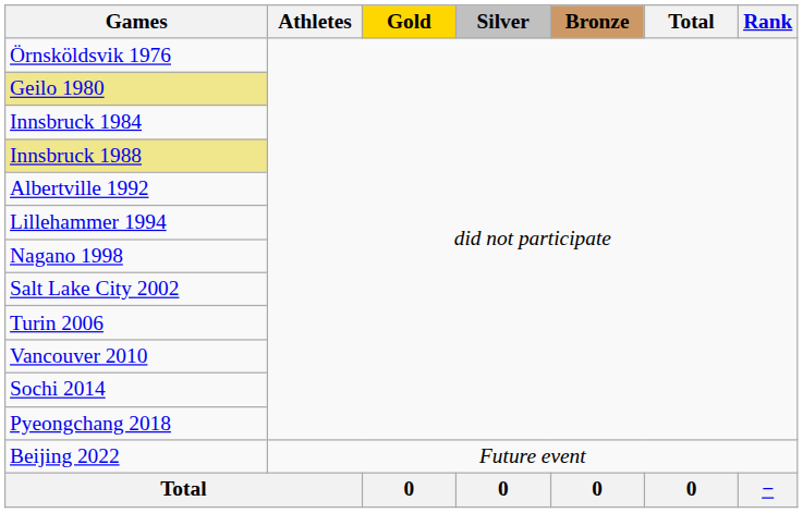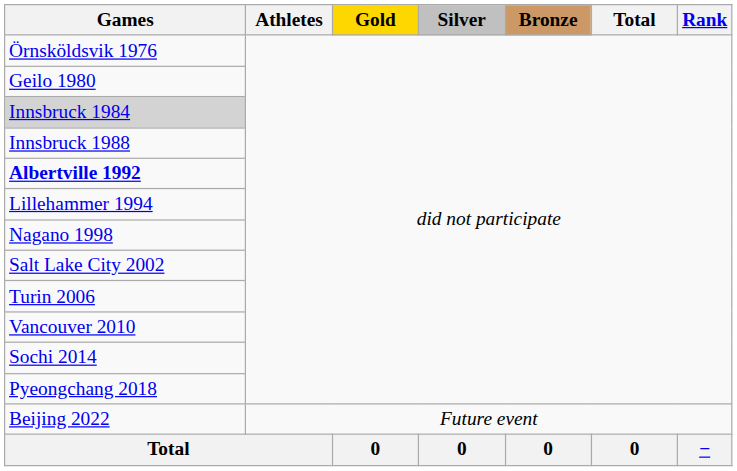 <table class="wikitable" style="text-align:center; font-size:100%;">
 <tr>
 <th style="width:12em;">Games</th>
 <th style="width:4em;">Athletes</th>
 <th style="width:4em; background:gold;">Gold</th>
 <th style="width:4em; background:silver;">Silver</th>
 <th style="width:4em; background:#cc9966;">Bronze</th>
 <th style="width:4em;">Total</th>
 <th style="width:2em;"><a href='#'>Rank</a></th>
 </tr>
 <tr>
 <td align=left> <a href='#'>Örnsköldsvik 1976</a></td>
 <td colspan=6 rowspan=12><em>did not participate</em></td>
 </tr>
 <tr>
-<td align=left style="background: khaki;"> <a href='#'>Geilo 1980</a></td>
+<td align=left> <a href='#'>Geilo 1980</a></td>
 </tr>
 <tr>
-<td align=left> <a href='#'>Innsbruck 1984</a></td>
+<td align=left style="background: lightgrey;"> <a href='#'>Innsbruck 1984</a></td>
 </tr>
 <tr>
-<td align=left style="background: khaki;"> <a href='#'>Innsbruck 1988</a></td>
+<td align=left> <a href='#'>Innsbruck 1988</a></td>
 </tr>
 <tr>
-<td align=left> <a href='#'>Albertville 1992</a></td>
+<td align=left><strong> <a href='#'>Albertville 1992</a></strong></td>
 </tr>
 <tr>
 <td align=left> <a href='#'>Lillehammer 1994</a></td>
 </tr>
 <tr>
 <td align=left> <a href='#'>Nagano 1998</a></td>
 </tr>
 <tr>
 <td align=left> <a href='#'>Salt Lake City 2002</a></td>
 </tr>
 <tr>
 <td align=left> <a href='#'>Turin 2006</a></td>
 </tr>
 <tr>
 <td align=left> <a href='#'>Vancouver 2010</a></td>
 </tr>
 <tr>
 <td align=left> <a href='#'>Sochi 2014</a></td>
 </tr>
 <tr>
 <td align=left> <a href='#'>Pyeongchang 2018</a></td>
 </tr>
 <tr>
 <td align=left> <a href='#'>Beijing 2022</a></td>
 <td colspan=6><em>Future event</em></td>
 </tr>
 <tr>
 <th colspan=2>Total</th>
 <th>0</th>
 <th>0</th>
 <th>0</th>
 <th>0</th>
 <th><a href='#'>−</a></th>
 </tr>
 </table>
